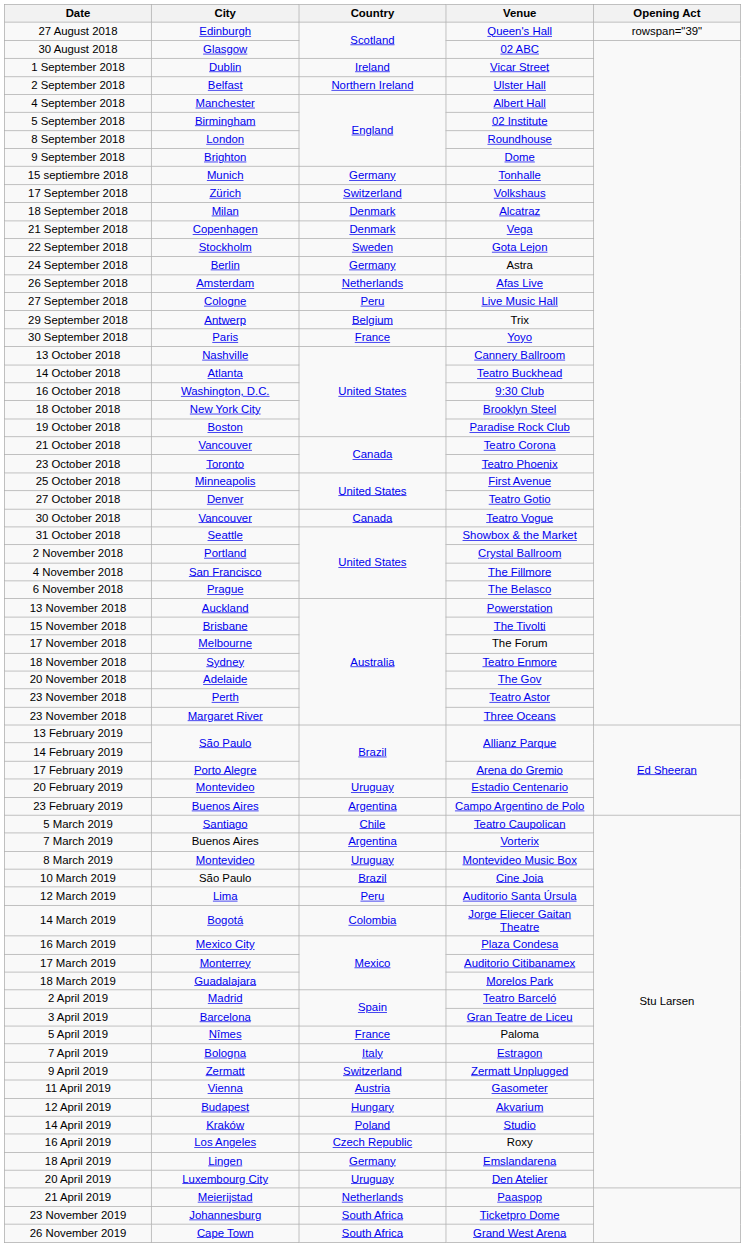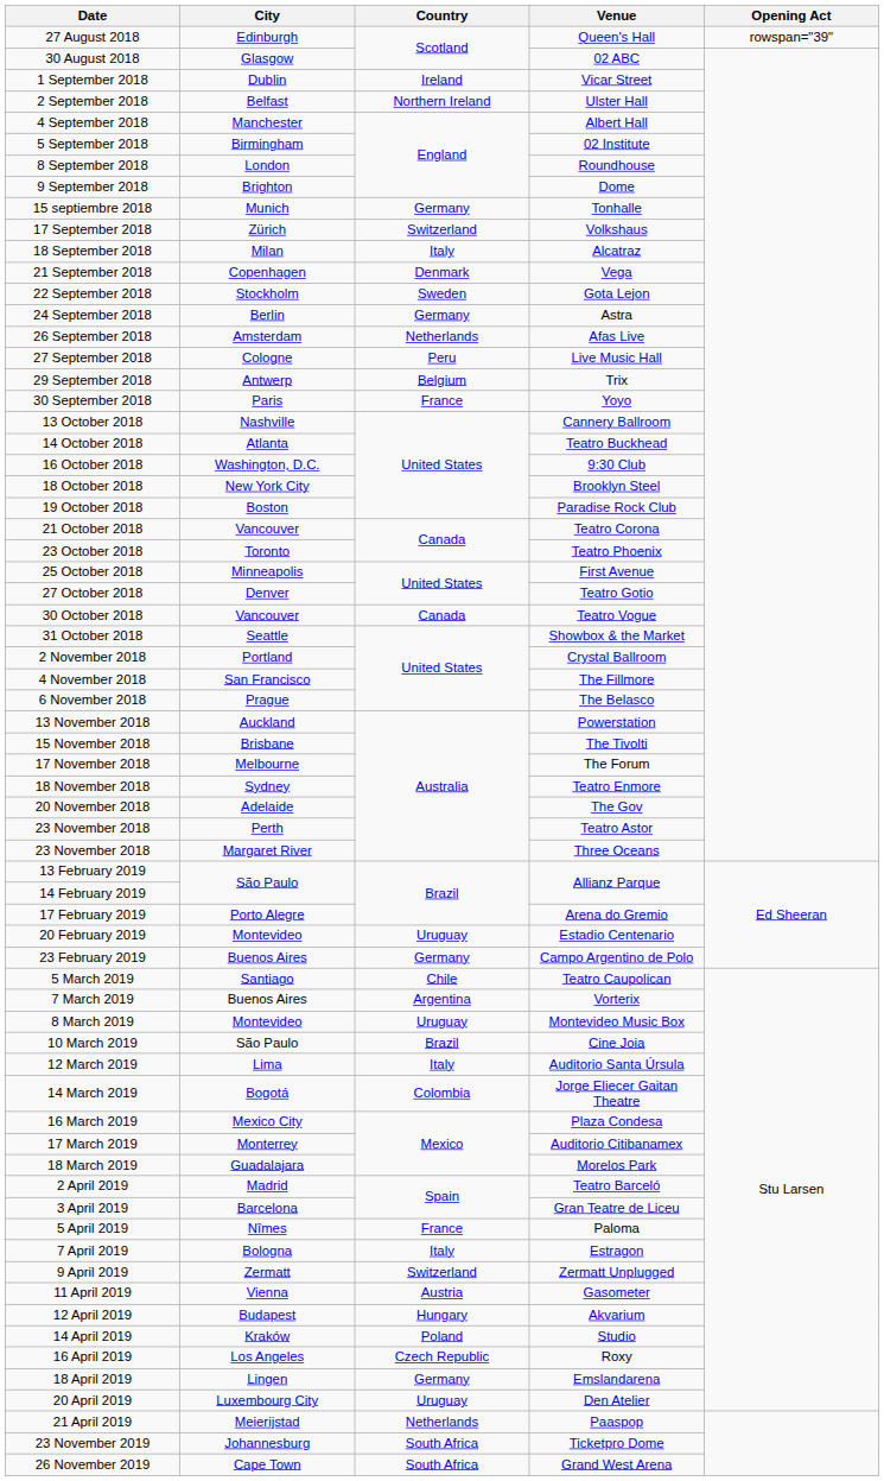 <table class="wikitable" style="text-align:center;">
 <tr>
 <th style="width:200px;">Date</th>
 <th style="width:200px;">City</th>
 <th style="width:200px;">Country</th>
 <th style="width:200px;">Venue</th>
 <th style="width:200px;">Opening Act</th>
 </tr>
 <tr>
 <td>27 August 2018</td>
 <td><a href='#'>Edinburgh</a></td>
 <td rowspan="2"><a href='#'>Scotland</a></td>
 <td><a href='#'>Queen's Hall</a></td>
 <td>rowspan="39"</td>
 </tr>
 <tr>
 <td>30 August 2018</td>
 <td><a href='#'>Glasgow</a></td>
 <td><a href='#'>02 ABC</a></td>
 </tr>
 <tr>
 <td>1 September 2018</td>
 <td><a href='#'>Dublin</a></td>
 <td><a href='#'>Ireland</a></td>
 <td><a href='#'>Vicar Street</a></td>
 </tr>
 <tr>
 <td>2 September 2018</td>
 <td><a href='#'>Belfast</a></td>
 <td><a href='#'>Northern Ireland</a></td>
 <td><a href='#'>Ulster Hall</a></td>
 </tr>
 <tr>
 <td>4 September 2018</td>
 <td><a href='#'>Manchester</a></td>
 <td rowspan="4"><a href='#'>England</a></td>
 <td><a href='#'>Albert Hall</a></td>
 </tr>
 <tr>
 <td>5 September 2018</td>
 <td><a href='#'>Birmingham</a></td>
 <td><a href='#'>02 Institute</a></td>
 </tr>
 <tr>
 <td>8 September 2018</td>
 <td><a href='#'>London</a></td>
 <td><a href='#'>Roundhouse</a></td>
 </tr>
 <tr>
 <td>9 September 2018</td>
 <td><a href='#'>Brighton</a></td>
 <td><a href='#'>Dome</a></td>
 </tr>
 <tr>
 <td>15 septiembre 2018</td>
 <td><a href='#'>Munich</a></td>
 <td><a href='#'>Germany</a></td>
 <td><a href='#'>Tonhalle</a></td>
 </tr>
 <tr>
 <td>17 September 2018</td>
 <td><a href='#'>Zürich</a></td>
 <td><a href='#'>Switzerland</a></td>
 <td><a href='#'>Volkshaus</a></td>
 </tr>
 <tr>
 <td>18 September 2018</td>
 <td><a href='#'>Milan</a></td>
-<td><a href='#'>Denmark</a></td>
+<td><a href='#'>Italy</a></td>
 <td><a href='#'>Alcatraz</a></td>
 </tr>
 <tr>
 <td>21 September 2018</td>
 <td><a href='#'>Copenhagen</a></td>
 <td><a href='#'>Denmark</a></td>
 <td><a href='#'>Vega</a></td>
 </tr>
 <tr>
 <td>22 September 2018</td>
 <td><a href='#'>Stockholm</a></td>
 <td><a href='#'>Sweden</a></td>
 <td><a href='#'>Gota Lejon</a></td>
 </tr>
 <tr>
 <td>24 September 2018</td>
 <td><a href='#'>Berlin</a></td>
 <td><a href='#'>Germany</a></td>
 <td>Astra</td>
 </tr>
 <tr>
 <td>26 September 2018</td>
 <td><a href='#'>Amsterdam</a></td>
 <td><a href='#'>Netherlands</a></td>
 <td><a href='#'>Afas Live</a></td>
 </tr>
 <tr>
 <td>27 September 2018</td>
 <td><a href='#'>Cologne</a></td>
 <td><a href='#'>Peru</a></td>
 <td><a href='#'>Live Music Hall</a></td>
 </tr>
 <tr>
 <td>29 September 2018</td>
 <td><a href='#'>Antwerp</a></td>
 <td><a href='#'>Belgium</a></td>
 <td>Trix</td>
 </tr>
 <tr>
 <td>30 September 2018</td>
 <td><a href='#'>Paris</a></td>
 <td><a href='#'>France</a></td>
 <td><a href='#'>Yoyo</a></td>
 </tr>
 <tr>
 <td>13 October 2018</td>
 <td><a href='#'>Nashville</a></td>
 <td rowspan="5"><a href='#'>United States</a></td>
 <td><a href='#'>Cannery Ballroom</a></td>
 </tr>
 <tr>
 <td>14 October 2018</td>
 <td><a href='#'>Atlanta</a></td>
 <td><a href='#'>Teatro Buckhead</a></td>
 </tr>
 <tr>
 <td>16 October 2018</td>
 <td><a href='#'>Washington, D.C.</a></td>
 <td><a href='#'>9:30 Club</a></td>
 </tr>
 <tr>
 <td>18 October 2018</td>
 <td><a href='#'>New York City</a></td>
 <td><a href='#'>Brooklyn Steel</a></td>
 </tr>
 <tr>
 <td>19 October 2018</td>
 <td><a href='#'>Boston</a></td>
 <td><a href='#'>Paradise Rock Club</a></td>
 </tr>
 <tr>
 <td>21 October 2018</td>
 <td><a href='#'>Vancouver</a></td>
 <td rowspan="2"><a href='#'>Canada</a></td>
 <td><a href='#'>Teatro Corona</a></td>
 </tr>
 <tr>
 <td>23 October 2018</td>
 <td><a href='#'>Toronto</a></td>
 <td><a href='#'>Teatro Phoenix</a></td>
 </tr>
 <tr>
 <td>25 October 2018</td>
 <td><a href='#'>Minneapolis</a></td>
 <td rowspan="2"><a href='#'>United States</a></td>
 <td><a href='#'>First Avenue</a></td>
 </tr>
 <tr>
 <td>27 October 2018</td>
 <td><a href='#'>Denver</a></td>
 <td><a href='#'>Teatro Gotio</a></td>
 </tr>
 <tr>
 <td>30 October 2018</td>
 <td><a href='#'>Vancouver</a></td>
 <td><a href='#'>Canada</a></td>
 <td><a href='#'>Teatro Vogue</a></td>
 </tr>
 <tr>
 <td>31 October 2018</td>
 <td><a href='#'>Seattle</a></td>
 <td rowspan="4"><a href='#'>United States</a></td>
 <td><a href='#'>Showbox & the Market</a></td>
 </tr>
 <tr>
 <td>2 November 2018</td>
 <td><a href='#'>Portland</a></td>
 <td><a href='#'>Crystal Ballroom</a></td>
 </tr>
 <tr>
 <td>4 November 2018</td>
 <td><a href='#'>San Francisco</a></td>
 <td><a href='#'>The Fillmore</a></td>
 </tr>
 <tr>
 <td>6 November 2018</td>
 <td><a href='#'>Prague</a></td>
 <td><a href='#'>The Belasco</a></td>
 </tr>
 <tr>
 <td>13 November 2018</td>
 <td><a href='#'>Auckland</a></td>
 <td rowspan="7"><a href='#'>Australia</a></td>
 <td><a href='#'>Powerstation</a></td>
 </tr>
 <tr>
 <td>15 November 2018</td>
 <td><a href='#'>Brisbane</a></td>
 <td><a href='#'>The Tivolti</a></td>
 </tr>
 <tr>
 <td>17 November 2018</td>
 <td><a href='#'>Melbourne</a></td>
 <td>The Forum</td>
 </tr>
 <tr>
 <td>18 November 2018</td>
 <td><a href='#'>Sydney</a></td>
 <td><a href='#'>Teatro Enmore</a></td>
 </tr>
 <tr>
 <td>20 November 2018</td>
 <td><a href='#'>Adelaide</a></td>
 <td><a href='#'>The Gov</a></td>
 </tr>
 <tr>
 <td>23 November 2018</td>
 <td><a href='#'>Perth</a></td>
 <td><a href='#'>Teatro Astor</a></td>
 </tr>
 <tr>
 <td>23 November 2018</td>
 <td><a href='#'>Margaret River</a></td>
 <td><a href='#'>Three Oceans</a></td>
 </tr>
 <tr>
 <td>13 February 2019</td>
 <td rowspan="2"><a href='#'>São Paulo</a></td>
 <td rowspan="3"><a href='#'>Brazil</a></td>
 <td rowspan="2"><a href='#'>Allianz Parque</a></td>
 <td rowspan="5"><a href='#'>Ed Sheeran</a></td>
 </tr>
 <tr>
 <td>14 February 2019</td>
 </tr>
 <tr>
 <td>17 February 2019</td>
 <td><a href='#'>Porto Alegre</a></td>
 <td><a href='#'>Arena do Gremio</a></td>
 </tr>
 <tr>
 <td>20 February 2019</td>
 <td><a href='#'>Montevideo</a></td>
 <td><a href='#'>Uruguay</a></td>
 <td><a href='#'>Estadio Centenario</a></td>
 </tr>
 <tr>
 <td>23 February 2019</td>
 <td><a href='#'>Buenos Aires</a></td>
-<td><a href='#'>Argentina</a></td>
+<td><a href='#'>Germany</a></td>
 <td><a href='#'>Campo Argentino de Polo</a></td>
 </tr>
 <tr>
 <td>5 March 2019</td>
 <td><a href='#'>Santiago</a></td>
 <td><a href='#'>Chile</a></td>
 <td><a href='#'>Teatro Caupolican</a></td>
 <td rowspan="20">Stu Larsen</td>
 </tr>
 <tr>
 <td>7 March 2019</td>
 <td>Buenos Aires</td>
 <td><a href='#'>Argentina</a></td>
 <td><a href='#'>Vorterix</a></td>
 </tr>
 <tr>
 <td>8 March 2019</td>
 <td><a href='#'>Montevideo</a></td>
 <td><a href='#'>Uruguay</a></td>
 <td><a href='#'>Montevideo Music Box</a></td>
 </tr>
 <tr>
 <td>10 March 2019</td>
 <td>São Paulo</td>
 <td><a href='#'>Brazil</a></td>
 <td><a href='#'>Cine Joia</a></td>
 </tr>
 <tr>
 <td>12 March 2019</td>
 <td><a href='#'>Lima</a></td>
-<td><a href='#'>Peru</a></td>
+<td><a href='#'>Italy</a></td>
 <td><a href='#'>Auditorio Santa Úrsula</a></td>
 </tr>
 <tr>
 <td>14 March 2019</td>
 <td><a href='#'>Bogotá</a></td>
 <td><a href='#'>Colombia</a></td>
 <td><a href='#'>Jorge Eliecer Gaitan Theatre</a></td>
 </tr>
 <tr>
 <td>16 March 2019</td>
 <td><a href='#'>Mexico City</a></td>
 <td rowspan="3"><a href='#'>Mexico</a></td>
 <td><a href='#'>Plaza Condesa</a></td>
 </tr>
 <tr>
 <td>17 March 2019</td>
 <td><a href='#'>Monterrey</a></td>
 <td><a href='#'>Auditorio Citibanamex</a></td>
 </tr>
 <tr>
 <td>18 March 2019</td>
 <td><a href='#'>Guadalajara</a></td>
 <td><a href='#'>Morelos Park</a></td>
 </tr>
 <tr>
 <td>2 April 2019</td>
 <td><a href='#'>Madrid</a></td>
 <td rowspan="2"><a href='#'>Spain</a></td>
 <td><a href='#'>Teatro Barceló</a></td>
 </tr>
 <tr>
 <td>3 April 2019</td>
 <td><a href='#'>Barcelona</a></td>
 <td><a href='#'>Gran Teatre de Liceu</a></td>
 </tr>
 <tr>
 <td>5 April 2019</td>
 <td><a href='#'>Nîmes</a></td>
 <td><a href='#'>France</a></td>
 <td>Paloma</td>
 </tr>
 <tr>
 <td>7 April 2019</td>
 <td><a href='#'>Bologna</a></td>
 <td><a href='#'>Italy</a></td>
 <td><a href='#'>Estragon</a></td>
 </tr>
 <tr>
 <td>9 April 2019</td>
 <td><a href='#'>Zermatt</a></td>
 <td><a href='#'>Switzerland</a></td>
 <td><a href='#'>Zermatt Unplugged</a></td>
 </tr>
 <tr>
 <td>11 April 2019</td>
 <td><a href='#'>Vienna</a></td>
 <td><a href='#'>Austria</a></td>
 <td><a href='#'>Gasometer</a></td>
 </tr>
 <tr>
 <td>12 April 2019</td>
 <td><a href='#'>Budapest</a></td>
 <td><a href='#'>Hungary</a></td>
 <td><a href='#'>Akvarium</a></td>
 </tr>
 <tr>
 <td>14 April 2019</td>
 <td><a href='#'>Kraków</a></td>
 <td><a href='#'>Poland</a></td>
 <td><a href='#'>Studio</a></td>
 </tr>
 <tr>
 <td>16 April 2019</td>
 <td><a href='#'>Los Angeles</a></td>
 <td><a href='#'>Czech Republic</a></td>
 <td>Roxy</td>
 </tr>
 <tr>
 <td>18 April 2019</td>
 <td><a href='#'>Lingen</a></td>
 <td><a href='#'>Germany</a></td>
 <td><a href='#'>Emslandarena</a></td>
 </tr>
 <tr>
 <td>20 April 2019</td>
 <td><a href='#'>Luxembourg City</a></td>
 <td><a href='#'>Uruguay</a></td>
 <td><a href='#'>Den Atelier</a></td>
 </tr>
 <tr>
 <td>21 April 2019</td>
 <td><a href='#'>Meierijstad</a></td>
 <td><a href='#'>Netherlands</a></td>
 <td><a href='#'>Paaspop</a></td>
 </tr>
 <tr>
 <td>23 November 2019</td>
 <td><a href='#'>Johannesburg</a></td>
 <td><a href='#'>South Africa</a></td>
 <td><a href='#'>Ticketpro Dome</a></td>
 </tr>
 <tr>
 <td>26 November 2019</td>
 <td><a href='#'>Cape Town</a></td>
 <td><a href='#'>South Africa</a></td>
 <td><a href='#'>Grand West Arena</a></td>
 </tr>
 </table>
